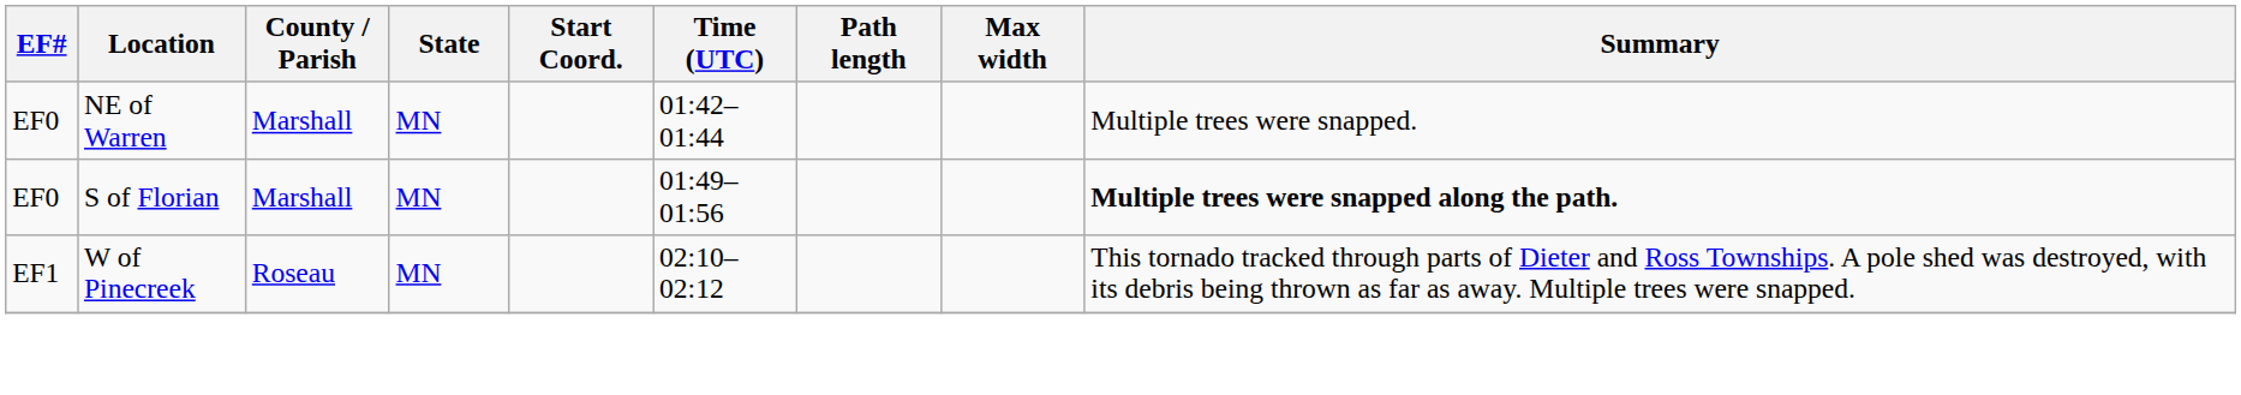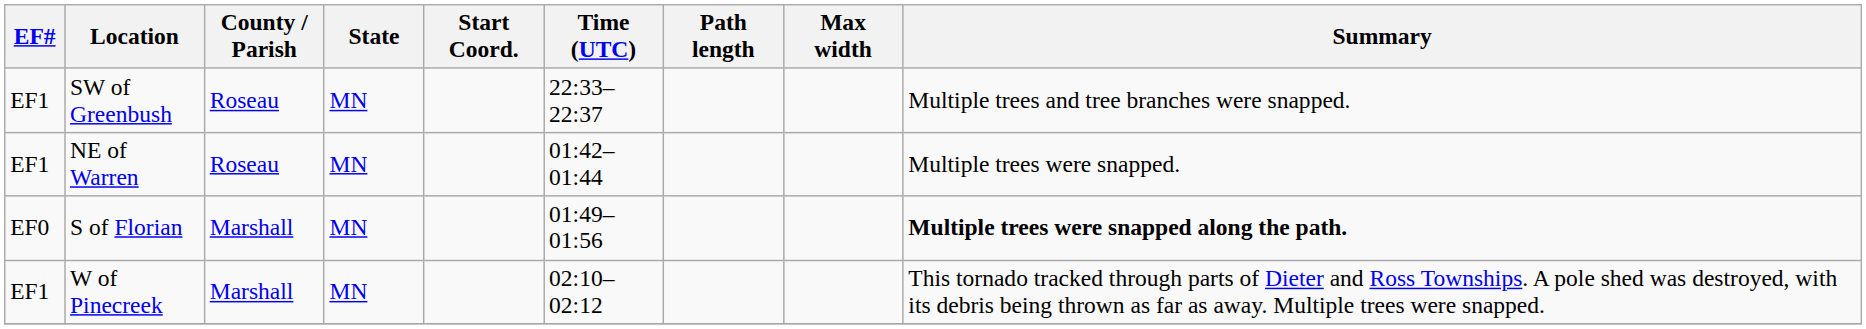 <table class="wikitable sortable" style="width:100%;">
 <tr>
 <th scope="col"  style="width:3%; text-align:center;"><a href='#'>EF#</a></th>
 <th scope="col"  style="width:7%; text-align:center;" class="unsortable">Location</th>
 <th scope="col"  style="width:6%; text-align:center;" class="unsortable">County / Parish</th>
 <th scope="col"  style="width:5%; text-align:center;">State</th>
 <th scope="col"  style="width:6%; text-align:center;">Start Coord.</th>
 <th scope="col"  style="width:6%; text-align:center;">Time (<a href='#'>UTC</a>)</th>
 <th scope="col"  style="width:6%; text-align:center;">Path length</th>
 <th scope="col"  style="width:6%; text-align:center;">Max width</th>
 <th scope="col" class="unsortable" style="width:48%; text-align:center;">Summary</th>
 </tr>
 <tr>
-<td>EF0</td>
+<td>EF1</td>
+<td>SW of <a href='#'>Greenbush</a></td>
+<td><a href='#'>Roseau</a></td>
+<td><a href='#'>MN</a></td>
+<td></td>
+<td>22:33–22:37</td>
+<td></td>
+<td></td>
+<td>Multiple trees and tree branches were snapped.</td>
+</tr>
+<tr>
+<td>EF1</td>
 <td>NE of <a href='#'>Warren</a></td>
-<td><a href='#'>Marshall</a></td>
+<td><a href='#'>Roseau</a></td>
 <td><a href='#'>MN</a></td>
 <td></td>
 <td>01:42–01:44</td>
 <td></td>
 <td></td>
 <td>Multiple trees were snapped.</td>
 </tr>
 <tr>
 <td>EF0</td>
 <td>S of <a href='#'>Florian</a></td>
 <td><a href='#'>Marshall</a></td>
 <td><a href='#'>MN</a></td>
 <td></td>
 <td>01:49–01:56</td>
 <td></td>
 <td></td>
 <td><strong>Multiple trees were snapped along the path.</strong></td>
 </tr>
 <tr>
 <td>EF1</td>
 <td>W of <a href='#'>Pinecreek</a></td>
-<td><a href='#'>Roseau</a></td>
+<td><a href='#'>Marshall</a></td>
 <td><a href='#'>MN</a></td>
 <td></td>
 <td>02:10–02:12</td>
 <td></td>
 <td></td>
 <td>This tornado tracked through parts of <a href='#'>Dieter</a> and <a href='#'>Ross Townships</a>. A pole shed was destroyed, with its debris being thrown as far as  away. Multiple trees were snapped.</td>
 </tr>
 <tr>
 </tr>
 </table>
